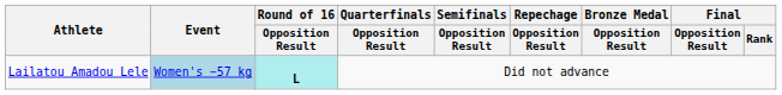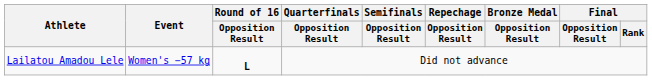 <table class="wikitable" style="font-size:90%">
 <tr>
 <th rowspan="2">Athlete</th>
 <th rowspan="2">Event</th>
 <th>Round of 16</th>
 <th>Quarterfinals</th>
 <th>Semifinals</th>
 <th>Repechage</th>
 <th>Bronze Medal</th>
 <th colspan=2>Final</th>
 </tr>
 <tr style="font-size:95%">
 <th>Opposition<br>Result</th>
 <th>Opposition<br>Result</th>
 <th>Opposition<br>Result</th>
 <th>Opposition<br>Result</th>
 <th>Opposition<br>Result</th>
 <th>Opposition<br>Result</th>
 <th>Rank</th>
 </tr>
 <tr align=center>
 <td align=left><a href='#'>Lailatou Amadou Lele</a></td>
-<td align=left style="background: lightblue;"><a href='#'>Women's −57 kg</a></td>
-<td style="background: paleturquoise;"><br><strong>L</strong> </td>
+<td align=left><a href='#'>Women's −57 kg</a></td>
+<td><br><strong>L</strong> </td>
 <td colspan=6>Did not advance</td>
 </tr>
 </table>
